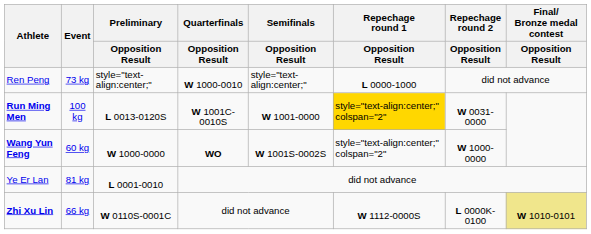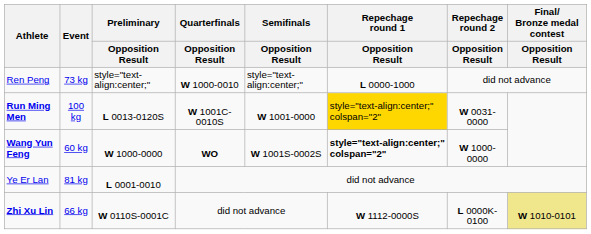 <table class=wikitable style="font-size:90%">
 <tr>
 <th rowspan="2">Athlete</th>
 <th rowspan="2">Event</th>
 <th>Preliminary</th>
 <th>Quarterfinals</th>
 <th>Semifinals</th>
 <th>Repechage <br>round 1</th>
 <th>Repechage <br>round 2</th>
 <th>Final/<br>Bronze medal contest</th>
 </tr>
 <tr>
 <th>Opposition<br>Result</th>
 <th>Opposition<br>Result</th>
 <th>Opposition<br>Result</th>
 <th>Opposition<br>Result</th>
 <th>Opposition<br>Result</th>
 <th>Opposition<br>Result</th>
 </tr>
 <tr>
 <td><a href='#'>Ren Peng</a></td>
 <td style="text-align:center;"><a href='#'>73 kg</a></td>
 <td>style="text-align:center;" </td>
 <td style="text-align:center;"><br> <strong>W</strong> 1000-0010</td>
 <td>style="text-align:center;" </td>
 <td style="text-align:center;"><br> <strong>L</strong> 0000-1000</td>
 <td style="text-align:center;" colspan="4">did not advance</td>
 </tr>
 <tr>
 <td><strong><a href='#'>Run Ming Men</a></strong></td>
 <td style="text-align:center;"><a href='#'>100 kg</a></td>
 <td style="text-align:center;"><br> <strong>L</strong> 0013-0120S</td>
 <td style="text-align:center;"><br> <strong>W</strong> 1001C-0010S</td>
 <td style="text-align:center;"><br> <strong>W</strong> 1001-0000</td>
 <td style="background: gold;">style="text-align:center;" colspan="2" </td>
 <td style="text-align:center;"><br> <strong>W</strong> 0031-0000</td>
 </tr>
 <tr>
 <td><strong><a href='#'>Wang Yun Feng</a></strong></td>
 <td style="text-align:center;"><a href='#'>60 kg</a></td>
 <td style="text-align:center;"><br> <strong>W</strong> 1000-0000</td>
 <td style="text-align:center;"><br> <strong>WO</strong></td>
 <td style="text-align:center;"><br> <strong>W</strong> 1001S-0002S</td>
-<td>style="text-align:center;" colspan="2" </td>
+<td><strong>style="text-align:center;" colspan="2" </strong></td>
 <td style="text-align:center;"><br> <strong>W</strong> 1000-0000</td>
 </tr>
 <tr>
 <td><a href='#'>Ye Er Lan</a></td>
 <td style="text-align:center;"><a href='#'>81 kg</a></td>
 <td style="text-align:center;"><br> <strong>L</strong> 0001-0010</td>
 <td style="text-align:center;" colspan="5">did not advance</td>
 </tr>
 <tr>
 <td><strong><a href='#'>Zhi Xu Lin</a></strong></td>
 <td style="text-align:center;"><a href='#'>66 kg</a></td>
 <td style="text-align:center;"><br> <strong>W</strong> 0110S-0001C</td>
 <td style="text-align:center;" colspan="2">did not advance</td>
 <td style="text-align:center;"><br> <strong>W</strong> 1112-0000S</td>
 <td style="text-align:center;"><br> <strong>L</strong> 0000K-0100 </td>
 <td style="background: khaki; text-align:center;"><br> <strong>W</strong> 1010-0101 </td>
 </tr>
 </table>
